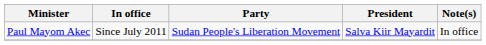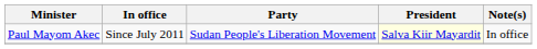 <table class="wikitable">
 <tr>
 <th>Minister</th>
 <th>In office</th>
 <th>Party</th>
 <th>President</th>
 <th>Note(s)</th>
 </tr>
 <tr>
 <td><a href='#'>Paul Mayom Akec</a></td>
 <td>Since July 2011</td>
 <td><a href='#'>Sudan People's Liberation Movement</a></td>
-<td><a href='#'>Salva Kiir Mayardit</a></td>
+<td style="background: lightyellow;"><a href='#'>Salva Kiir Mayardit</a></td>
 <td>In office</td>
 </tr>
 <tr>
 </tr>
 </table>
